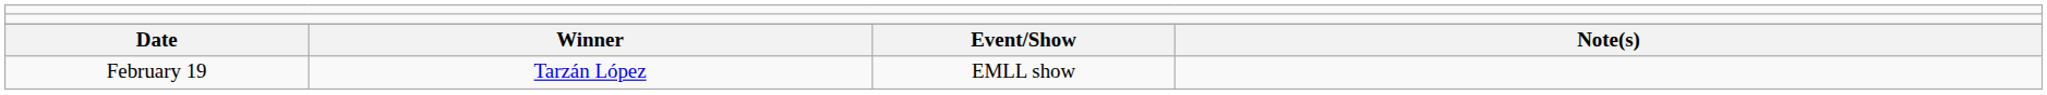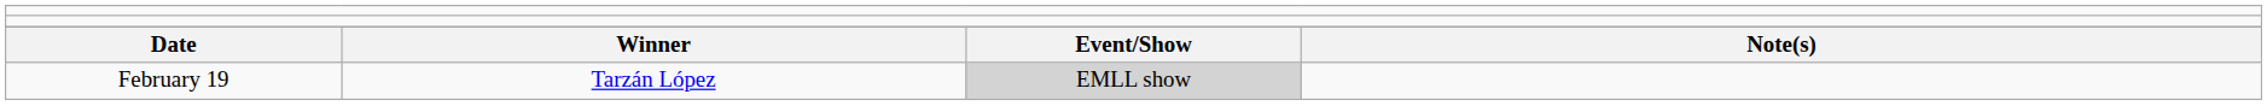 <table class="wikitable" style="text-align:center; width:100%;">
 <tr>
 <td colspan=5></td>
 </tr>
 <tr>
 <td colspan=5><strong></strong></td>
 </tr>
 <tr>
 </tr>
 <tr>
 <th width=14%>Date</th>
 <th width=26%>Winner</th>
 <th width=14%>Event/Show</th>
 <th width=40%>Note(s)</th>
 </tr>
 <tr>
 <td>February 19</td>
 <td><a href='#'>Tarzán López</a></td>
-<td>EMLL show</td>
+<td style="background: lightgrey;">EMLL show</td>
 <td align=left></td>
 </tr>
 </table>
